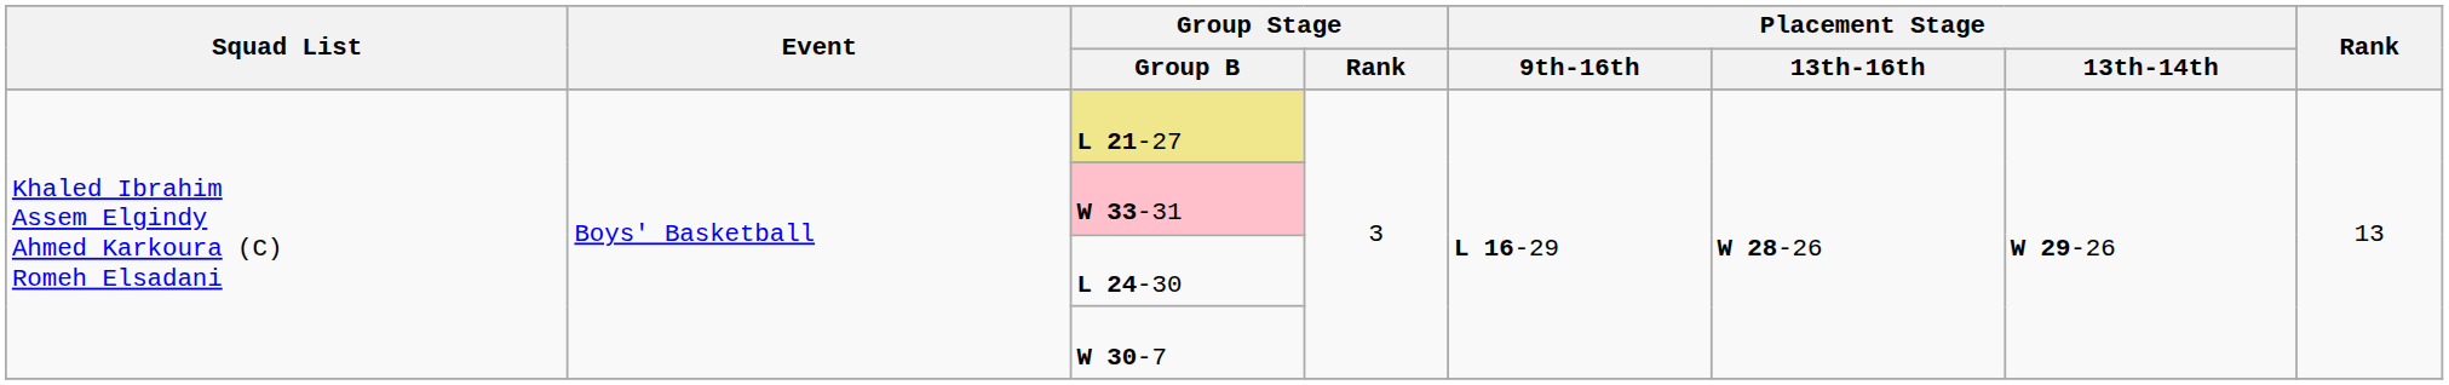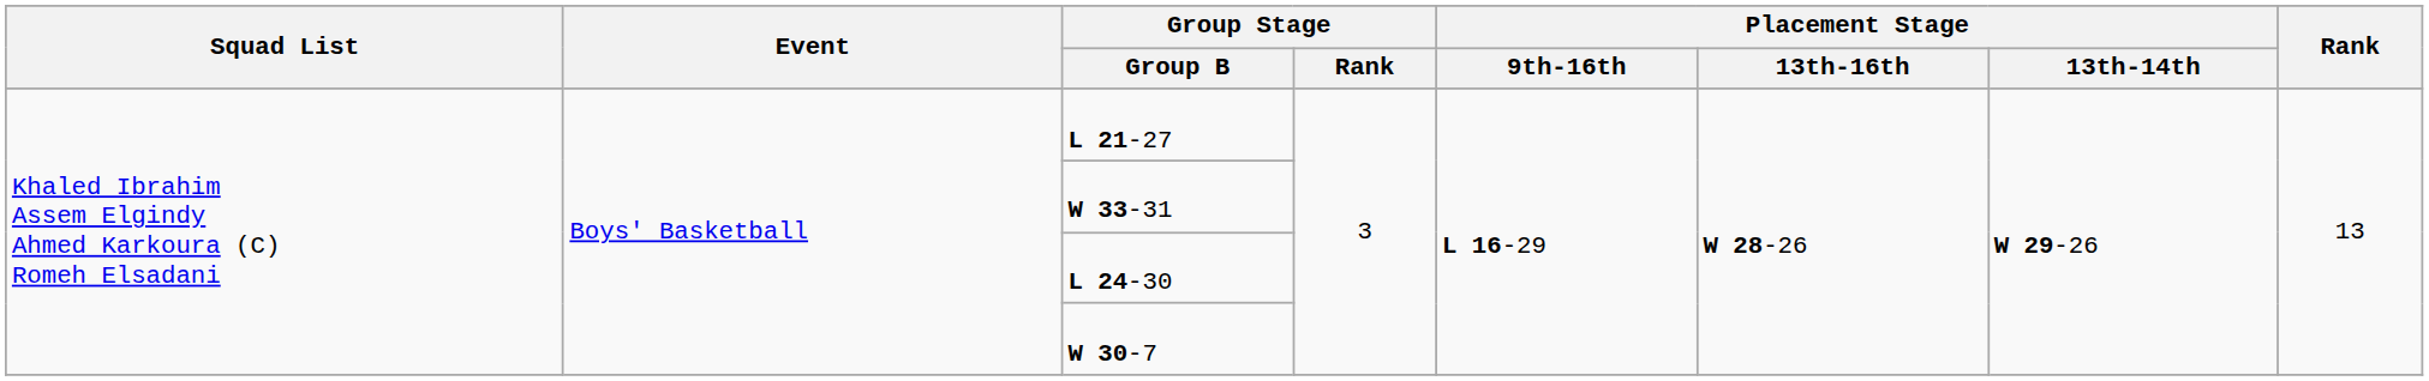 <table class="wikitable" width="90%" style="text-align:left; font-size:90%">
 <tr>
 <th rowspan="2">Squad List</th>
 <th rowspan="2">Event</th>
 <th colspan="2">Group Stage</th>
 <th colspan="3">Placement Stage</th>
 <th rowspan="2">Rank</th>
 </tr>
 <tr>
 <th>Group B</th>
 <th>Rank</th>
 <th>9th-16th</th>
 <th>13th-16th</th>
 <th>13th-14th</th>
 </tr>
 <tr>
 <td rowspan="4"><a href='#'>Khaled Ibrahim</a><br><a href='#'>Assem Elgindy</a><br><a href='#'>Ahmed Karkoura</a> (C)<br><a href='#'>Romeh Elsadani</a></td>
 <td rowspan="4"><a href='#'>Boys' Basketball</a></td>
-<td style="background: khaki;"><br> <strong>L</strong> <strong>21</strong>-27</td>
+<td><br> <strong>L</strong> <strong>21</strong>-27</td>
 <td rowspan="4" align=center>3</td>
 <td rowspan="4"> <br> <strong>L</strong> <strong>16</strong>-29</td>
 <td rowspan="4"> <br> <strong>W</strong> <strong>28</strong>-26</td>
 <td rowspan="4"> <br> <strong>W</strong> <strong>29</strong>-26</td>
 <td rowspan="4" align="center">13</td>
 </tr>
 <tr>
-<td style="background: pink;"><br> <strong>W</strong> <strong>33</strong>-31</td>
+<td><br> <strong>W</strong> <strong>33</strong>-31</td>
 </tr>
 <tr>
 <td><br> <strong>L</strong> <strong>24</strong>-30</td>
 </tr>
 <tr>
 <td><br> <strong>W</strong> <strong>30</strong>-7</td>
 </tr>
 </table>
